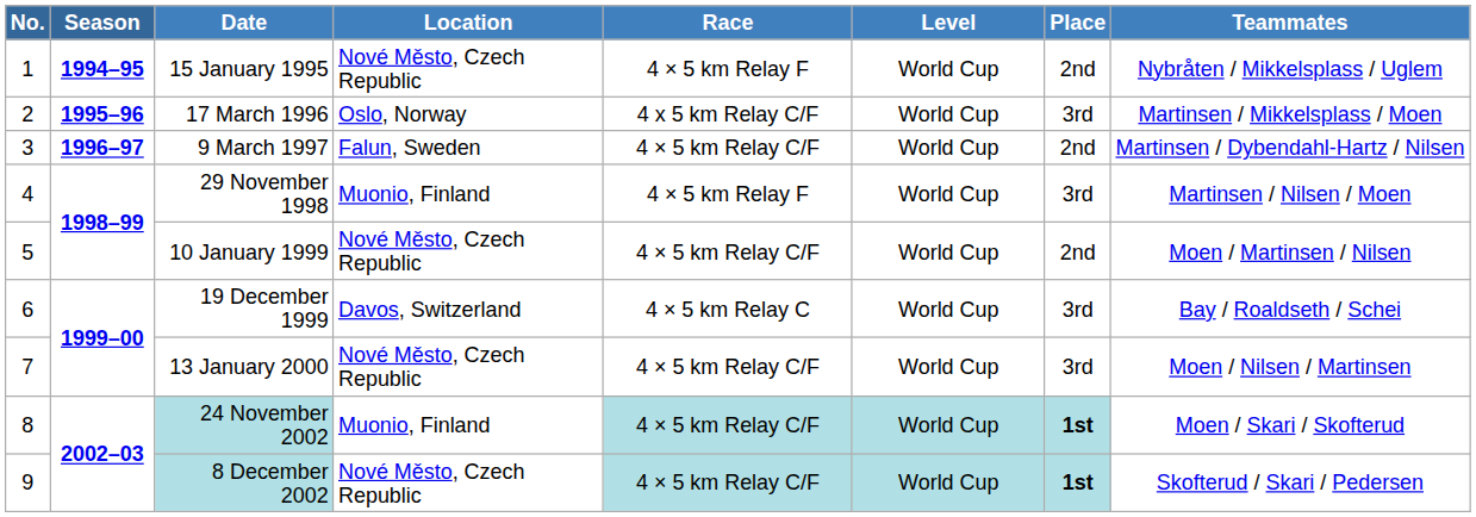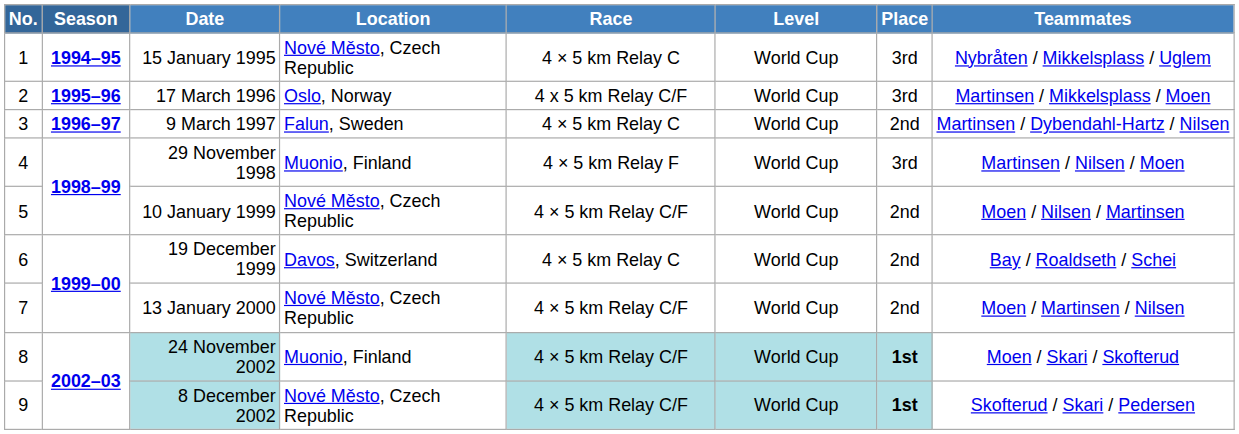 <table class="wikitable sortable" style="font-size:95%; text-align:center; border:grey solid 1px; border-collapse:collapse; background:#ffffff;">
 <tr style="background:#efefef;">
 <th style="background-color:#369; color:white;">No.</th>
 <th style="background-color:#369; color:white;">Season</th>
 <th style="background-color:#4180be; color:white; width:120px;">Date</th>
 <th style="background-color:#4180be; color:white; width:185px;">Location</th>
 <th style="background-color:#4180be; color:white; width:170px;">Race</th>
 <th style="background-color:#4180be; color:white; width:130px;">Level</th>
 <th style="background-color:#4180be; color:white;">Place</th>
 <th style="background-color:#4180be; color:white;">Teammates</th>
 </tr>
 <tr>
 <td align=center>1</td>
 <td rowspan=1 align=center><strong> <a href='#'>1994–95</a> </strong></td>
 <td align=right>15 January 1995</td>
 <td align=left> <a href='#'>Nové Město</a>, Czech Republic</td>
-<td>4 × 5 km Relay F</td>
+<td>4 × 5 km Relay C</td>
 <td>World Cup</td>
-<td>2nd</td>
+<td>3rd</td>
 <td><a href='#'>Nybråten</a> / <a href='#'>Mikkelsplass</a> / <a href='#'>Uglem</a></td>
 </tr>
 <tr>
 <td align=center>2</td>
 <td rowspan=1 align=center><strong> <a href='#'>1995–96</a> </strong></td>
 <td align=right>17 March 1996</td>
 <td align=left> <a href='#'>Oslo</a>, Norway</td>
 <td>4 x 5 km Relay C/F</td>
 <td>World Cup</td>
 <td>3rd</td>
 <td><a href='#'>Martinsen</a> / <a href='#'>Mikkelsplass</a> / <a href='#'>Moen</a></td>
 </tr>
 <tr>
 <td align=center>3</td>
 <td rowspan=1 align=center><strong> <a href='#'>1996–97</a> </strong></td>
 <td align=right>9 March 1997</td>
 <td align=left> <a href='#'>Falun</a>, Sweden</td>
-<td>4 × 5 km Relay C/F</td>
+<td>4 × 5 km Relay C</td>
 <td>World Cup</td>
 <td>2nd</td>
 <td><a href='#'>Martinsen</a> / <a href='#'>Dybendahl-Hartz</a> / <a href='#'>Nilsen</a></td>
 </tr>
 <tr>
 <td align=center>4</td>
 <td rowspan=2 align=center><strong> <a href='#'>1998–99</a> </strong></td>
 <td align=right>29 November 1998</td>
 <td align=left> <a href='#'>Muonio</a>, Finland</td>
 <td>4 × 5 km Relay F</td>
 <td>World Cup</td>
 <td>3rd</td>
 <td><a href='#'>Martinsen</a> / <a href='#'>Nilsen</a> / <a href='#'>Moen</a></td>
 </tr>
 <tr>
 <td align=center>5</td>
 <td align=right>10 January 1999</td>
 <td align=left> <a href='#'>Nové Město</a>, Czech Republic</td>
 <td>4 × 5 km Relay C/F</td>
 <td>World Cup</td>
 <td>2nd</td>
-<td><a href='#'>Moen</a> / <a href='#'>Martinsen</a>  / <a href='#'>Nilsen</a></td>
+<td><a href='#'>Moen</a> / <a href='#'>Nilsen</a> / <a href='#'>Martinsen</a></td>
 </tr>
 <tr>
 <td align=center>6</td>
 <td rowspan=2 align=center><strong> <a href='#'>1999–00</a> </strong></td>
 <td align=right>19 December 1999</td>
 <td align=left> <a href='#'>Davos</a>, Switzerland</td>
 <td>4 × 5 km Relay C</td>
 <td>World Cup</td>
-<td>3rd</td>
+<td>2nd</td>
 <td><a href='#'>Bay</a> / <a href='#'>Roaldseth</a> / <a href='#'>Schei</a></td>
 </tr>
 <tr>
 <td align=center>7</td>
 <td align=right>13 January 2000</td>
 <td align=left> <a href='#'>Nové Město</a>, Czech Republic</td>
 <td>4 × 5 km Relay C/F</td>
 <td>World Cup</td>
-<td>3rd</td>
-<td><a href='#'>Moen</a> / <a href='#'>Nilsen</a> / <a href='#'>Martinsen</a></td>
+<td>2nd</td>
+<td><a href='#'>Moen</a> / <a href='#'>Martinsen</a>  / <a href='#'>Nilsen</a></td>
 </tr>
 <tr>
 <td align=center>8</td>
 <td rowspan=2 align=center><strong><a href='#'>2002–03</a></strong></td>
 <td bgcolor="#BOEOE6" align=right>24 November 2002</td>
 <td align=left> <a href='#'>Muonio</a>, Finland</td>
 <td bgcolor="#BOEOE6">4 × 5 km Relay C/F</td>
 <td bgcolor="#BOEOE6">World Cup</td>
 <td bgcolor="#BOEOE6"><strong>1st</strong></td>
 <td><a href='#'>Moen</a> / <a href='#'>Skari</a> / <a href='#'>Skofterud</a></td>
 </tr>
 <tr>
 <td align=center>9</td>
 <td bgcolor="#BOEOE6" align=right>8 December 2002</td>
 <td align=left> <a href='#'>Nové Město</a>, Czech Republic</td>
 <td bgcolor="#BOEOE6">4 × 5 km Relay C/F</td>
 <td bgcolor="#BOEOE6">World Cup</td>
 <td bgcolor="#BOEOE6"><strong>1st</strong></td>
 <td><a href='#'>Skofterud</a> / <a href='#'>Skari</a> / <a href='#'>Pedersen</a></td>
 </tr>
 </table>
